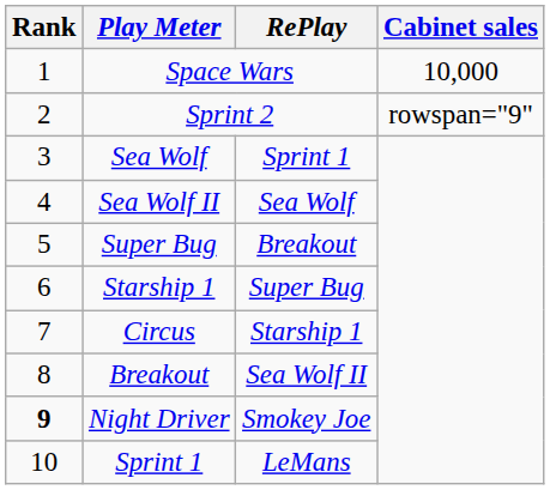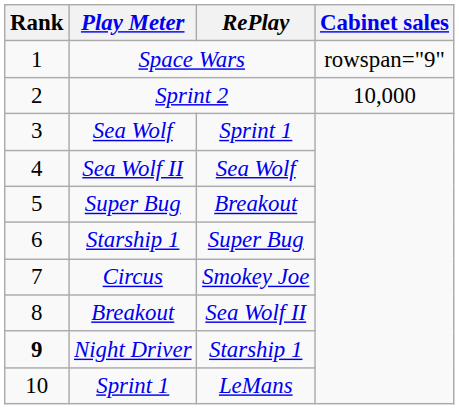 <table class="wikitable sortable" style="text-align:center">
 <tr>
 <th>Rank</th>
 <th><em><a href='#'>Play Meter</a></em></th>
 <th><em>RePlay</em></th>
 <th><a href='#'>Cabinet sales</a></th>
 </tr>
 <tr>
 <td>1</td>
 <td colspan="2"><em><a href='#'>Space Wars</a></em></td>
-<td>10,000</td>
+<td>rowspan="9" </td>
 </tr>
 <tr>
 <td>2</td>
 <td colspan="2"><em><a href='#'>Sprint 2</a></em></td>
-<td>rowspan="9" </td>
+<td>10,000</td>
 </tr>
 <tr>
 <td>3</td>
 <td><em><a href='#'>Sea Wolf</a></em></td>
 <td><em><a href='#'>Sprint 1</a></em></td>
 </tr>
 <tr>
 <td>4</td>
 <td><em><a href='#'>Sea Wolf II</a></em></td>
 <td><em><a href='#'>Sea Wolf</a></em></td>
 </tr>
 <tr>
 <td>5</td>
 <td><em><a href='#'>Super Bug</a></em></td>
 <td><em><a href='#'>Breakout</a></em></td>
 </tr>
 <tr>
 <td>6</td>
 <td><em><a href='#'>Starship 1</a></em></td>
 <td><em><a href='#'>Super Bug</a></em></td>
 </tr>
 <tr>
 <td>7</td>
 <td><em><a href='#'>Circus</a></em></td>
-<td><em><a href='#'>Starship 1</a></em></td>
+<td><em><a href='#'>Smokey Joe</a></em></td>
 </tr>
 <tr>
 <td>8</td>
 <td><em><a href='#'>Breakout</a></em></td>
 <td><em><a href='#'>Sea Wolf II</a></em></td>
 </tr>
 <tr>
 <td><strong>9</strong></td>
 <td><em><a href='#'>Night Driver</a></em></td>
-<td><em><a href='#'>Smokey Joe</a></em></td>
+<td><em><a href='#'>Starship 1</a></em></td>
 </tr>
 <tr>
 <td>10</td>
 <td><em><a href='#'>Sprint 1</a></em></td>
 <td><em><a href='#'>LeMans</a></em></td>
 </tr>
 </table>
